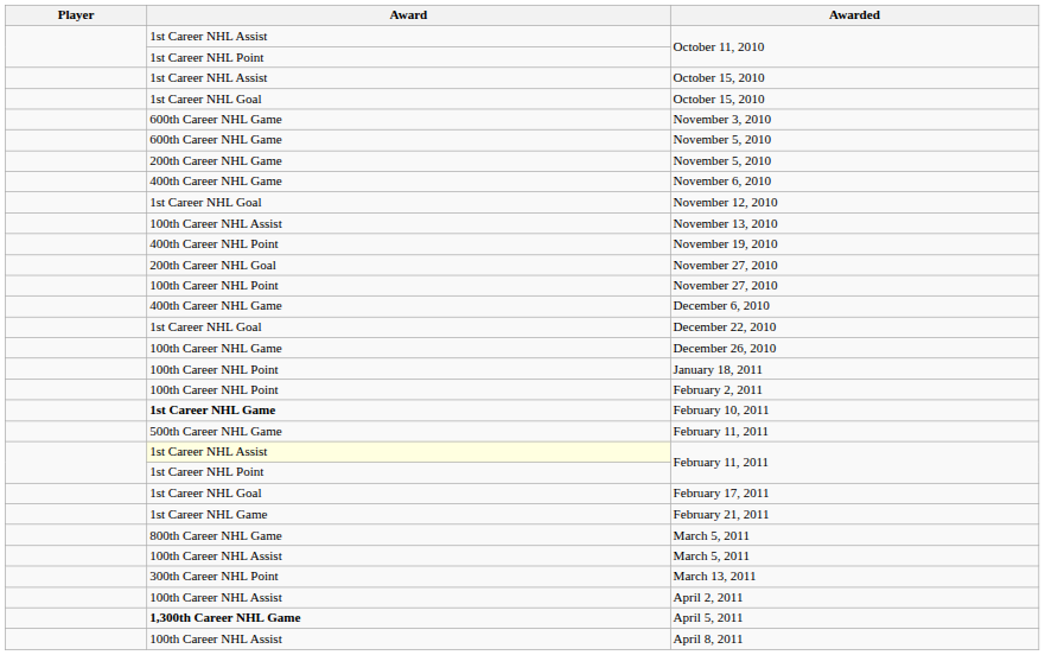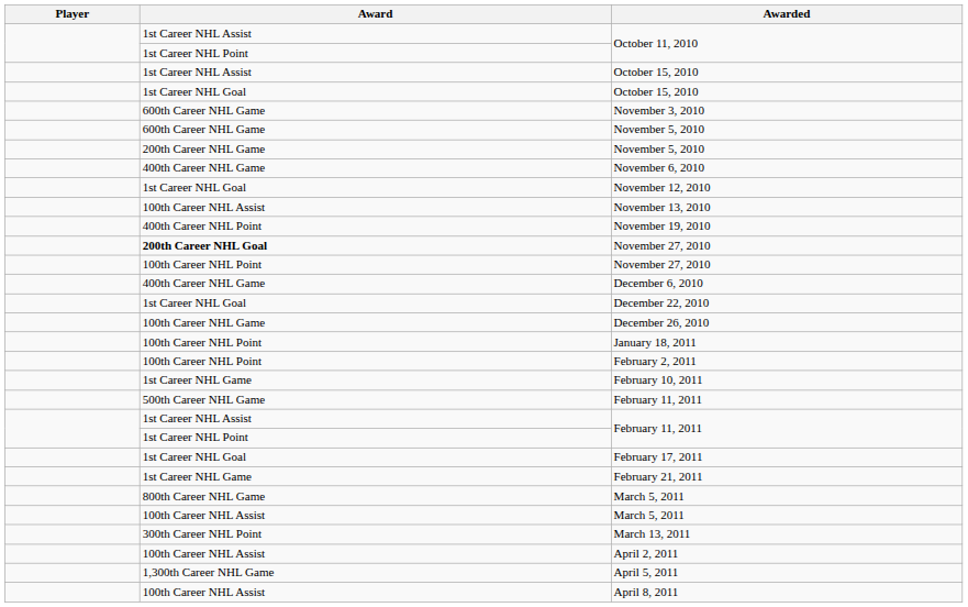 <table class="wikitable sortable" style="width:100%;">
 <tr align=center>
 <th>Player</th>
 <th>Award</th>
 <th>Awarded</th>
 </tr>
 <tr>
 <td rowspan=2></td>
 <td>1st Career NHL Assist</td>
 <td rowspan=2>October 11, 2010</td>
 </tr>
 <tr>
 <td>1st Career NHL Point</td>
 </tr>
 <tr>
 <td></td>
 <td>1st Career NHL Assist</td>
 <td>October 15, 2010</td>
 </tr>
 <tr>
 <td></td>
 <td>1st Career NHL Goal</td>
 <td>October 15, 2010</td>
 </tr>
 <tr>
 <td></td>
 <td>600th Career NHL Game</td>
 <td>November 3, 2010</td>
 </tr>
 <tr>
 <td></td>
 <td>600th Career NHL Game</td>
 <td>November 5, 2010</td>
 </tr>
 <tr>
 <td></td>
 <td>200th Career NHL Game</td>
 <td>November 5, 2010</td>
 </tr>
 <tr>
 <td></td>
 <td>400th Career NHL Game</td>
 <td>November 6, 2010</td>
 </tr>
 <tr>
 <td></td>
 <td>1st Career NHL Goal</td>
 <td>November 12, 2010</td>
 </tr>
 <tr>
 <td></td>
 <td>100th Career NHL Assist</td>
 <td>November 13, 2010</td>
 </tr>
 <tr>
 <td></td>
 <td>400th Career NHL Point</td>
 <td>November 19, 2010</td>
 </tr>
 <tr>
 <td></td>
-<td>200th Career NHL Goal</td>
+<td><strong>200th Career NHL Goal</strong></td>
 <td>November 27, 2010</td>
 </tr>
 <tr>
 <td></td>
 <td>100th Career NHL Point</td>
 <td>November 27, 2010</td>
 </tr>
 <tr>
 <td></td>
 <td>400th Career NHL Game</td>
 <td>December 6, 2010</td>
 </tr>
 <tr>
 <td></td>
 <td>1st Career NHL Goal</td>
 <td>December 22, 2010</td>
 </tr>
 <tr>
 <td></td>
 <td>100th Career NHL Game</td>
 <td>December 26, 2010</td>
 </tr>
 <tr>
 <td></td>
 <td>100th Career NHL Point</td>
 <td>January 18, 2011</td>
 </tr>
 <tr>
 <td></td>
 <td>100th Career NHL Point</td>
 <td>February 2, 2011</td>
 </tr>
 <tr>
 <td></td>
-<td><strong>1st Career NHL Game</strong></td>
+<td>1st Career NHL Game</td>
 <td>February 10, 2011</td>
 </tr>
 <tr>
 <td></td>
 <td>500th Career NHL Game</td>
 <td>February 11, 2011</td>
 </tr>
 <tr>
 <td rowspan=2></td>
-<td style="background: lightyellow;">1st Career NHL Assist</td>
+<td>1st Career NHL Assist</td>
 <td rowspan=2>February 11, 2011</td>
 </tr>
 <tr>
 <td>1st Career NHL Point</td>
 </tr>
 <tr>
 <td></td>
 <td>1st Career NHL Goal</td>
 <td>February 17, 2011</td>
 </tr>
 <tr>
 <td></td>
 <td>1st Career NHL Game</td>
 <td>February 21, 2011</td>
 </tr>
 <tr>
 <td></td>
 <td>800th Career NHL Game</td>
 <td>March 5, 2011</td>
 </tr>
 <tr>
 <td></td>
 <td>100th Career NHL Assist</td>
 <td>March 5, 2011</td>
 </tr>
 <tr>
 <td></td>
 <td>300th Career NHL Point</td>
 <td>March 13, 2011</td>
 </tr>
 <tr>
 <td></td>
 <td>100th Career NHL Assist</td>
 <td>April 2, 2011</td>
 </tr>
 <tr>
 <td></td>
-<td><strong>1,300th Career NHL Game</strong></td>
+<td>1,300th Career NHL Game</td>
 <td>April 5, 2011</td>
 </tr>
 <tr>
 <td></td>
 <td>100th Career NHL Assist</td>
 <td>April 8, 2011</td>
 </tr>
 </table>
